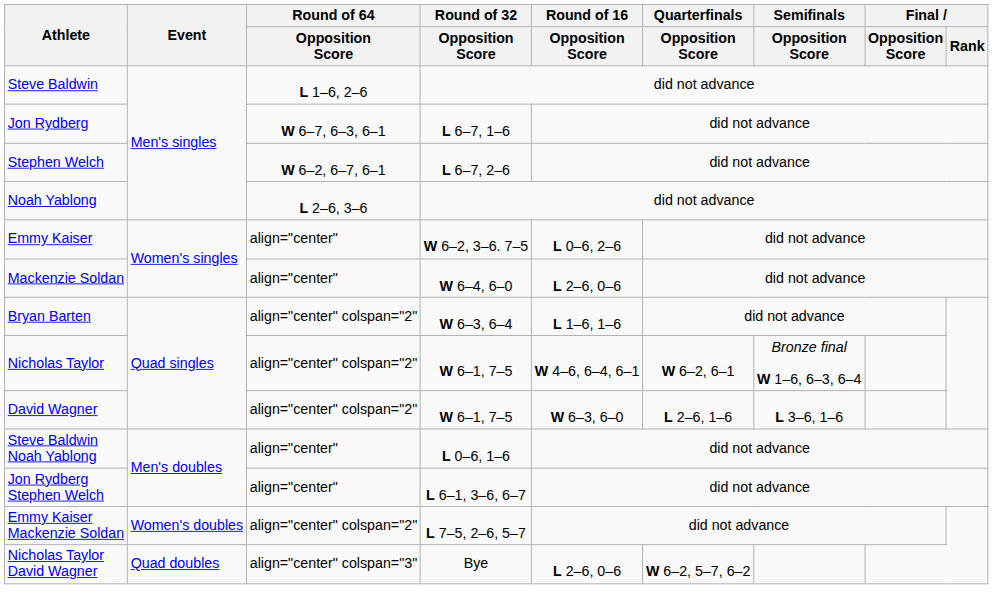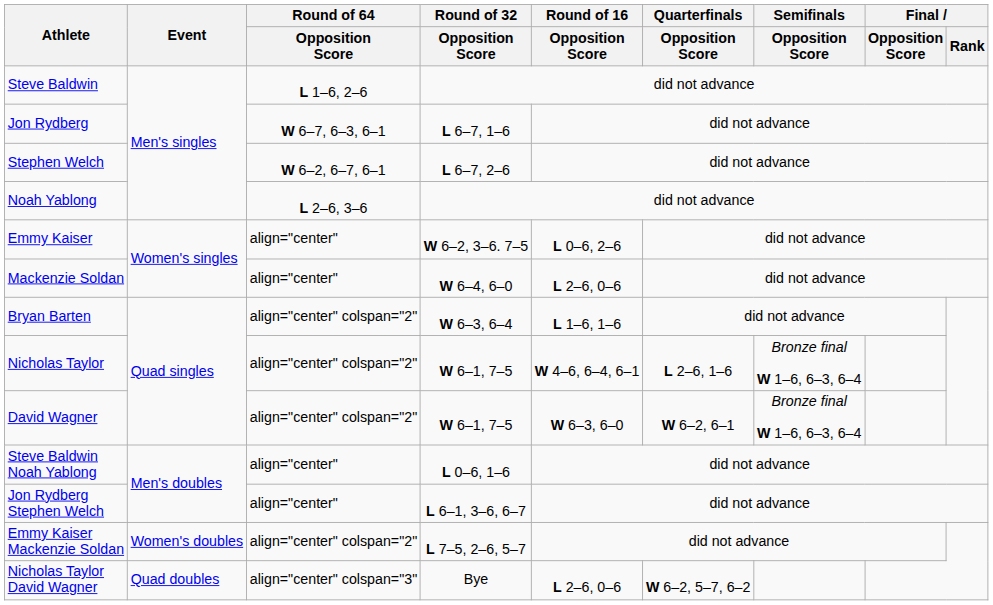 <table class=wikitable>
 <tr>
 <th rowspan="2">Athlete</th>
 <th rowspan="2">Event</th>
 <th>Round of 64</th>
 <th>Round of 32</th>
 <th>Round of 16</th>
 <th>Quarterfinals</th>
 <th>Semifinals</th>
 <th colspan="2">Final / </th>
 </tr>
 <tr>
 <th>Opposition<br>Score</th>
 <th>Opposition<br>Score</th>
 <th>Opposition<br>Score</th>
 <th>Opposition<br>Score</th>
 <th>Opposition<br>Score</th>
 <th>Opposition<br>Score</th>
 <th>Rank</th>
 </tr>
 <tr>
 <td><a href='#'>Steve Baldwin</a></td>
 <td rowspan="4"><a href='#'>Men's singles</a></td>
 <td style="text-align:center;"><br><strong>L</strong> 1–6, 2–6</td>
 <td style="text-align:center;" colspan="6">did not advance</td>
 </tr>
 <tr>
 <td><a href='#'>Jon Rydberg</a></td>
 <td style="text-align:center;"><br> <strong>W</strong> 6–7, 6–3, 6–1</td>
 <td style="text-align:center;"><br><strong>L</strong> 6–7, 1–6</td>
 <td style="text-align:center;" colspan="5">did not advance</td>
 </tr>
 <tr>
 <td><a href='#'>Stephen Welch</a></td>
 <td style="text-align:center;"><br>  <strong>W</strong> 6–2, 6–7, 6–1</td>
 <td style="text-align:center;"><br><strong>L</strong> 6–7, 2–6</td>
 <td style="text-align:center;" colspan="5">did not advance</td>
 </tr>
 <tr>
 <td><a href='#'>Noah Yablong</a></td>
 <td style="text-align:center;"><br> <strong>L</strong> 2–6, 3–6</td>
 <td style="text-align:center;" colspan="6">did not advance</td>
 </tr>
 <tr>
 <td><a href='#'>Emmy Kaiser</a></td>
 <td rowspan="2"><a href='#'>Women's singles</a></td>
 <td>align="center"</td>
 <td style="text-align:center;"><br> <strong>W</strong> 6–2, 3–6. 7–5</td>
 <td style="text-align:center;"><br> <strong>L</strong> 0–6, 2–6</td>
 <td style="text-align:center;" colspan="4">did not advance</td>
 </tr>
 <tr>
 <td><a href='#'>Mackenzie Soldan</a></td>
 <td>align="center"</td>
 <td style="text-align:center;"><br> <strong>W</strong> 6–4, 6–0</td>
 <td style="text-align:center;"><br> <strong>L</strong> 2–6, 0–6</td>
 <td style="text-align:center;" colspan="4">did not advance</td>
 </tr>
 <tr>
 <td><a href='#'>Bryan Barten</a></td>
 <td rowspan="3"><a href='#'>Quad singles</a></td>
 <td>align="center" colspan="2" </td>
 <td style="text-align:center;"><br> <strong>W</strong> 6–3, 6–4</td>
 <td style="text-align:center;"><br> <strong>L</strong> 1–6, 1–6</td>
 <td style="text-align:center;" colspan="3">did not advance</td>
 </tr>
 <tr>
 <td><a href='#'>Nicholas Taylor</a></td>
 <td>align="center" colspan="2" </td>
 <td style="text-align:center;"><br> <strong>W</strong> 6–1, 7–5</td>
 <td style="text-align:center;"><br> <strong>W</strong> 4–6, 6–4, 6–1</td>
-<td style="text-align:center;"><br> <strong>W</strong> 6–2, 6–1</td>
+<td style="text-align:center;"><br> <strong>L</strong> 2–6, 1–6</td>
 <td style="text-align:center;"><em>Bronze final</em><br><br> <strong>W</strong> 1–6, 6–3, 6–4</td>
 <td style="text-align:center;"></td>
 </tr>
 <tr>
 <td><a href='#'>David Wagner</a></td>
 <td>align="center" colspan="2" </td>
 <td style="text-align:center;"><br> <strong>W</strong> 6–1, 7–5</td>
 <td style="text-align:center;"><br> <strong>W</strong> 6–3, 6–0</td>
-<td style="text-align:center;"><br> <strong>L</strong> 2–6, 1–6</td>
-<td style="text-align:center;"><br> <strong>L</strong> 3–6, 1–6</td>
+<td style="text-align:center;"><br> <strong>W</strong> 6–2, 6–1</td>
+<td style="text-align:center;"><em>Bronze final</em><br><br> <strong>W</strong> 1–6, 6–3, 6–4</td>
 <td style="text-align:center;"></td>
 </tr>
 <tr>
 <td><a href='#'>Steve Baldwin</a><br><a href='#'>Noah Yablong</a></td>
 <td rowspan="2"><a href='#'>Men's doubles</a></td>
 <td>align="center" </td>
 <td style="text-align:center;"><br><strong>L</strong> 0–6, 1–6</td>
 <td style="text-align:center;" colspan="5">did not advance</td>
 </tr>
 <tr>
 <td><a href='#'>Jon Rydberg</a><br><a href='#'>Stephen Welch</a></td>
 <td>align="center" </td>
 <td style="text-align:center;"><br><strong>L</strong> 6–1, 3–6, 6–7</td>
 <td style="text-align:center;" colspan="5">did not advance</td>
 </tr>
 <tr>
 <td><a href='#'>Emmy Kaiser</a><br><a href='#'>Mackenzie Soldan</a></td>
 <td><a href='#'>Women's doubles</a></td>
 <td>align="center" colspan="2" </td>
 <td style="text-align:center;"><br><strong>L</strong> 7–5, 2–6, 5–7</td>
 <td style="text-align:center;" colspan="4">did not advance</td>
 </tr>
 <tr>
 <td><a href='#'>Nicholas Taylor</a><br><a href='#'>David Wagner</a></td>
 <td rowspan="2"><a href='#'>Quad doubles</a></td>
 <td>align="center" colspan="3" </td>
 <td style="text-align:center;">Bye</td>
 <td style="text-align:center;"><br> <strong>L</strong> 2–6, 0–6</td>
 <td style="text-align:center;"><br><strong>W</strong> 6–2, 5–7, 6–2</td>
 <td style="text-align:center;"></td>
 </tr>
 </table>
